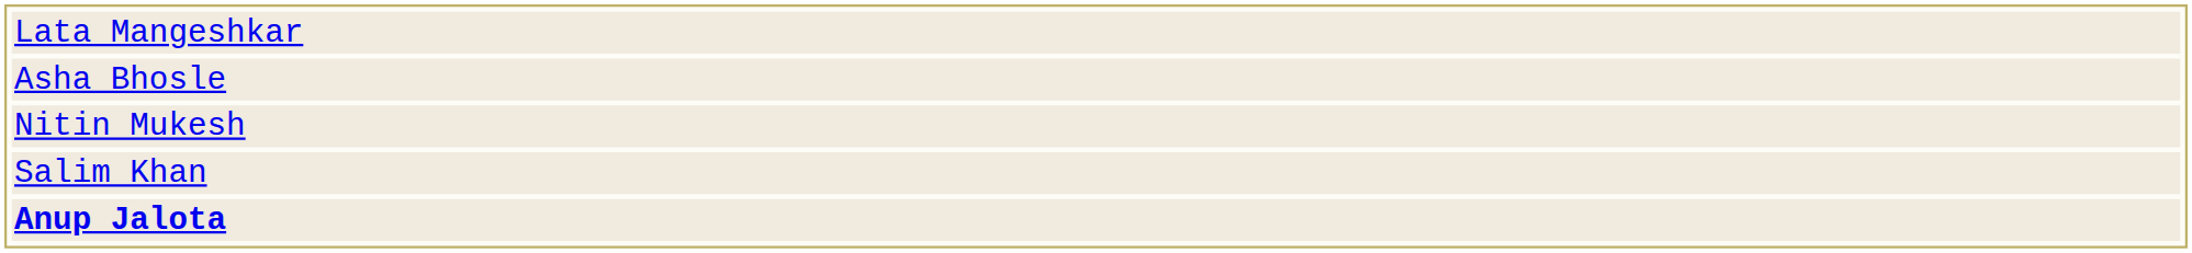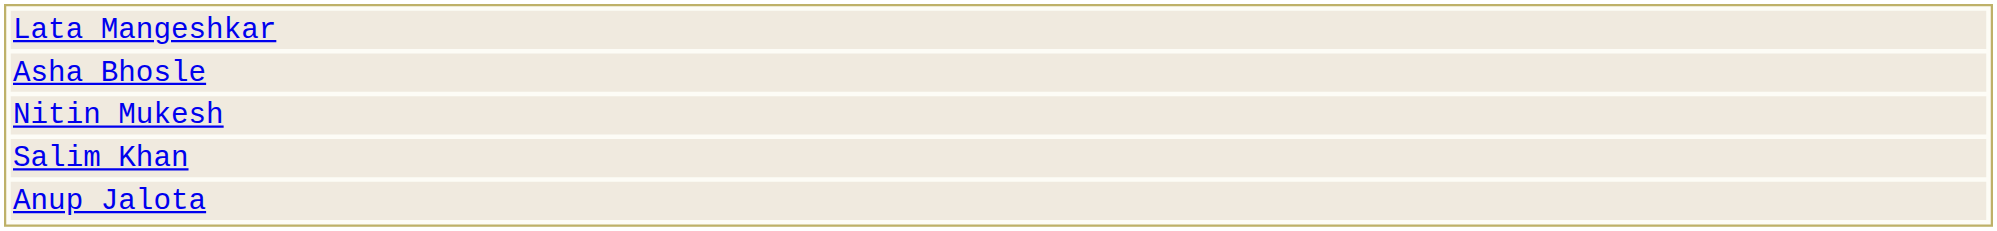 <table style="width:100%;border: 1px solid #BEB168;background-color:#FDFCF6;">
 <tr>
 <td style="background-color:#F0EADF;"> <a href='#'>Lata Mangeshkar</a></td>
 </tr>
 <tr>
 <td style="background-color:#F0EADF;"> <a href='#'>Asha Bhosle</a></td>
 </tr>
 <tr>
 <td style="background-color:#F0EADF;"> <a href='#'>Nitin Mukesh</a></td>
 </tr>
 <tr>
 <td style="background-color:#F0EADF;"> <a href='#'>Salim Khan</a></td>
 </tr>
 <tr>
-<td style="background-color:#F0EADF;"><strong> <a href='#'>Anup Jalota</a></strong></td>
+<td style="background-color:#F0EADF;"> <a href='#'>Anup Jalota</a></td>
 </tr>
 </table>
